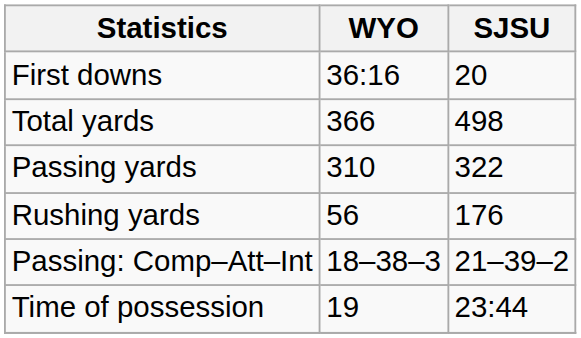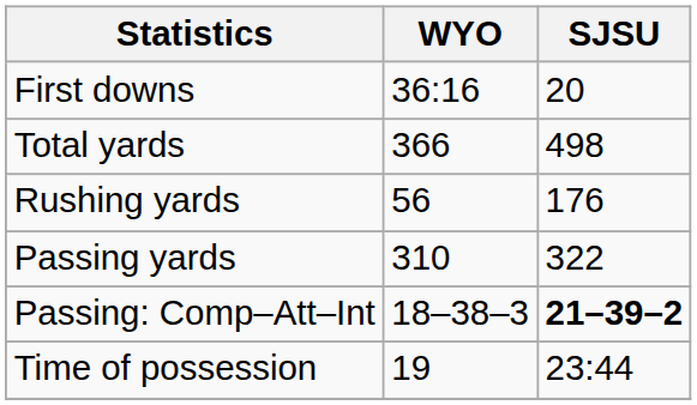 <table class="wikitable" style="float: left;">
 <tr>
 <th>Statistics</th>
 <th>WYO</th>
 <th>SJSU</th>
 </tr>
 <tr>
 <td>First downs</td>
 <td>36:16</td>
 <td>20</td>
 </tr>
 <tr>
 <td>Total yards</td>
 <td>366</td>
 <td>498</td>
 </tr>
 <tr>
+<td>Rushing yards</td>
+<td>56</td>
+<td>176</td>
+</tr>
+<tr>
 <td>Passing yards</td>
 <td>310</td>
 <td>322</td>
 </tr>
 <tr>
-<td>Rushing yards</td>
-<td>56</td>
-<td>176</td>
-</tr>
-<tr>
 <td>Passing: Comp–Att–Int</td>
 <td>18–38–3</td>
-<td>21–39–2</td>
+<td><strong>21–39–2</strong></td>
 </tr>
 <tr>
 <td>Time of possession</td>
 <td>19</td>
 <td>23:44</td>
 </tr>
 <tr>
 </tr>
 </table>
